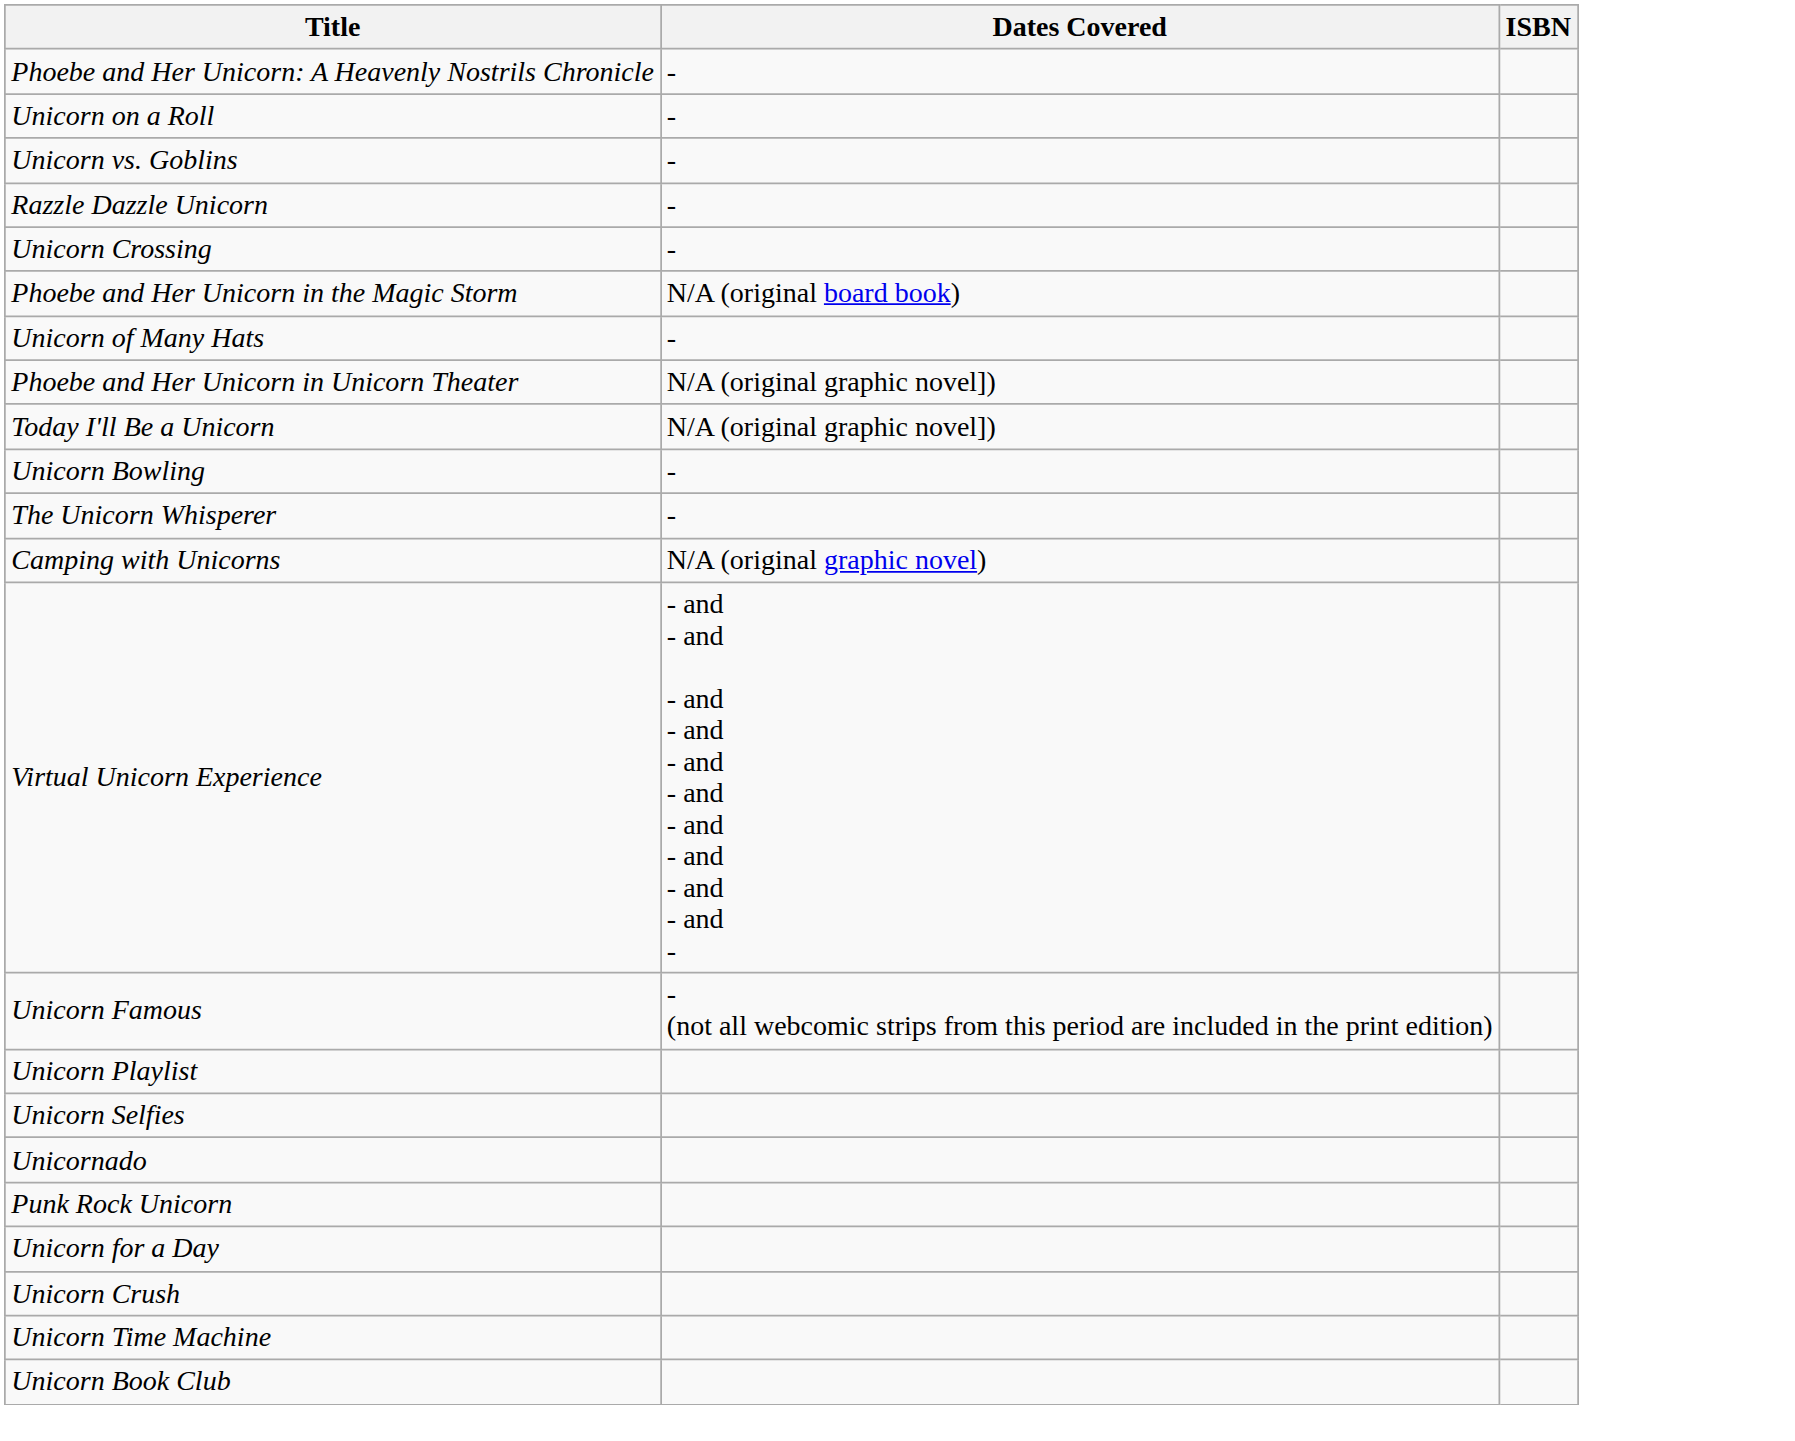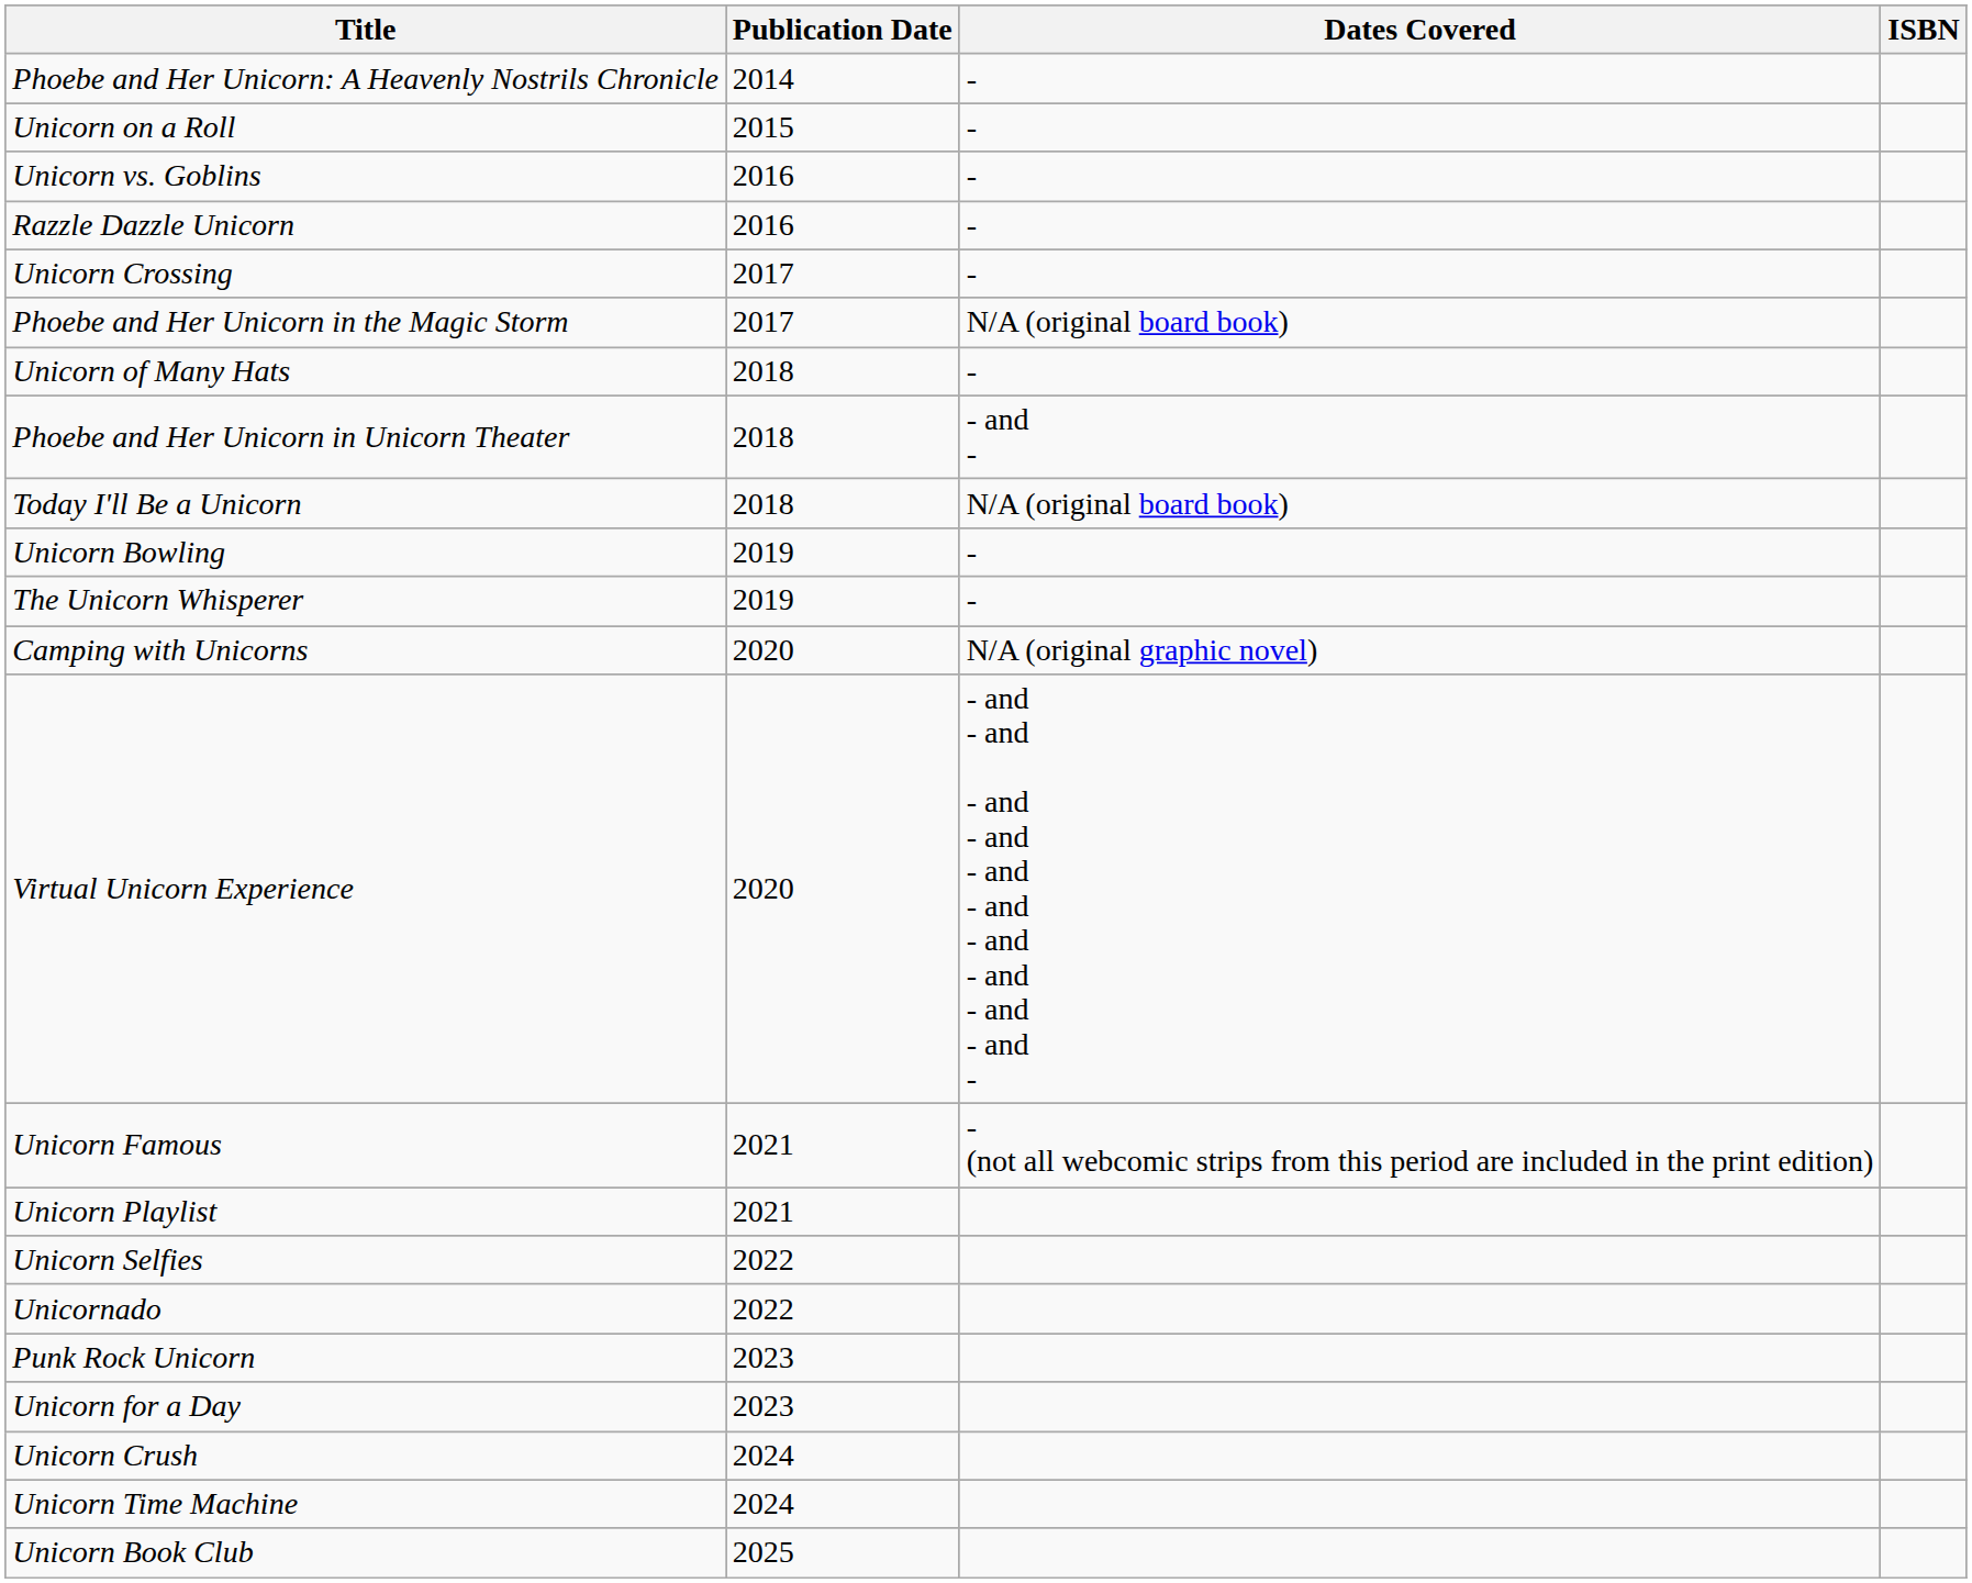 <table class="wikitable">
 <tr>
 <th>Title</th>
+<th>Publication Date</th>
 <th>Dates Covered</th>
 <th>ISBN</th>
 </tr>
 <tr>
 <td><em>Phoebe and Her Unicorn: A Heavenly Nostrils Chronicle</em></td>
+<td>2014</td>
 <td> - </td>
 <td></td>
 </tr>
 <tr>
 <td><em>Unicorn on a Roll</em></td>
+<td>2015</td>
 <td> - </td>
 <td></td>
 </tr>
 <tr>
 <td><em>Unicorn vs. Goblins</em></td>
+<td>2016</td>
 <td> - </td>
 <td></td>
 </tr>
 <tr>
 <td><em>Razzle Dazzle Unicorn</em></td>
+<td>2016</td>
 <td> - </td>
 <td></td>
 </tr>
 <tr>
 <td><em>Unicorn Crossing</em></td>
+<td>2017</td>
 <td> - </td>
 <td></td>
 </tr>
 <tr>
 <td><em>Phoebe and Her Unicorn in the Magic Storm</em></td>
+<td>2017</td>
 <td>N/A (original <a href='#'>board book</a>)</td>
 <td></td>
 </tr>
 <tr>
 <td><em>Unicorn of Many Hats</em></td>
+<td>2018</td>
 <td> - </td>
 <td></td>
 </tr>
 <tr>
 <td><em>Phoebe and Her Unicorn in Unicorn Theater</em></td>
-<td>N/A (original graphic novel])</td>
+<td>2018</td>
+<td> -  and<br>  - </td>
 <td></td>
 </tr>
 <tr>
 <td><em>Today I'll Be a Unicorn</em></td>
-<td>N/A (original graphic novel])</td>
+<td>2018</td>
+<td>N/A (original <a href='#'>board book</a>)</td>
 <td></td>
 </tr>
 <tr>
 <td><em>Unicorn Bowling</em></td>
+<td>2019</td>
 <td> - </td>
 <td></td>
 </tr>
 <tr>
 <td><em>The Unicorn Whisperer</em></td>
+<td>2019</td>
 <td> - </td>
 <td></td>
 </tr>
 <tr>
 <td><em>Camping with Unicorns</em></td>
+<td>2020</td>
 <td>N/A (original <a href='#'>graphic novel</a>)</td>
 <td></td>
 </tr>
 <tr>
 <td><em>Virtual Unicorn Experience</em></td>
+<td>2020</td>
 <td> -  and<br>  -  and<br><br> -  and<br>  -  and<br>  -  and<br>  -  and<br>  -  and<br>  -  and<br>  -  and<br>  -  and<br>  - </td>
 <td></td>
 </tr>
 <tr>
 <td><em>Unicorn Famous</em></td>
+<td>2021</td>
 <td> - <br>(not all webcomic strips from this period are included in the print edition)</td>
 <td></td>
 </tr>
 <tr>
 <td><em>Unicorn Playlist</em></td>
+<td>2021</td>
 <td></td>
 <td></td>
 </tr>
 <tr>
 <td><em>Unicorn Selfies</em></td>
+<td>2022</td>
 <td></td>
 <td></td>
 </tr>
 <tr>
 <td><em>Unicornado</em></td>
+<td>2022</td>
 <td></td>
 <td></td>
 </tr>
 <tr>
 <td><em>Punk Rock Unicorn</em></td>
+<td>2023</td>
 <td></td>
 <td></td>
 </tr>
 <tr>
 <td><em>Unicorn for a Day</em></td>
+<td>2023</td>
 <td></td>
 <td></td>
 </tr>
 <tr>
 <td><em>Unicorn Crush</em></td>
+<td>2024</td>
 <td></td>
 <td></td>
 </tr>
 <tr>
 <td><em>Unicorn Time Machine</em></td>
+<td>2024</td>
 <td></td>
 <td></td>
 </tr>
 <tr>
 <td><em>Unicorn Book Club</em></td>
+<td>2025</td>
 <td></td>
 <td></td>
 </tr>
 </table>
